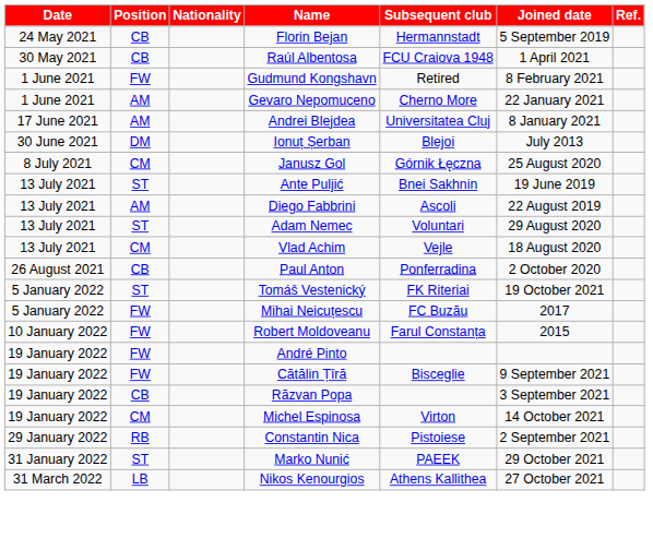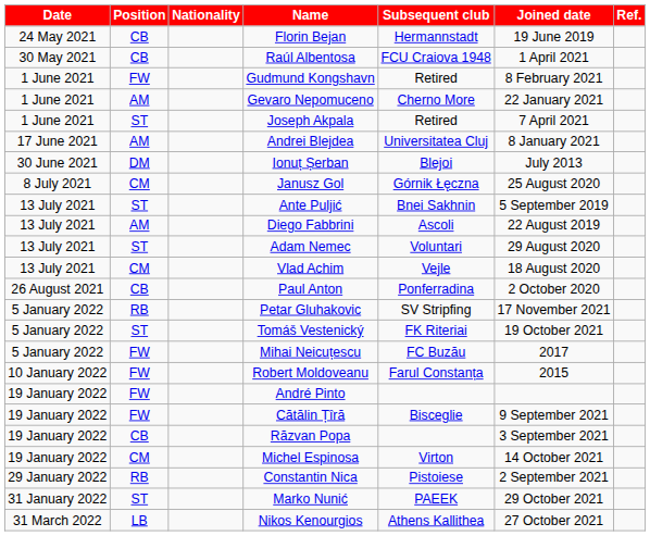 <table class="wikitable"  style="text-align:center; font-size:90%; ">
 <tr>
 <th style="background:red;color:white;">Date</th>
 <th style="background:red;color:white;">Position</th>
 <th style="background:red;color:white;">Nationality</th>
 <th style="background:red;color:white;">Name</th>
 <th style="background:red;color:white;">Subsequent club</th>
 <th style="background:red;color:white;">Joined date</th>
 <th style="background:red;color:white;">Ref.</th>
 </tr>
 <tr>
 <td>24 May 2021</td>
 <td><a href='#'>CB</a></td>
 <td></td>
 <td><a href='#'>Florin Bejan</a></td>
 <td><a href='#'>Hermannstadt</a></td>
-<td>5 September 2019</td>
+<td>19 June 2019</td>
 <td></td>
 </tr>
 <tr>
 <td>30 May 2021</td>
 <td><a href='#'>CB</a></td>
 <td></td>
 <td><a href='#'>Raúl Albentosa</a></td>
 <td><a href='#'>FCU Craiova 1948</a></td>
 <td>1 April 2021</td>
 <td></td>
 </tr>
 <tr>
 <td>1 June 2021</td>
 <td><a href='#'>FW</a></td>
 <td></td>
 <td><a href='#'>Gudmund Kongshavn</a></td>
 <td>Retired</td>
 <td>8 February 2021</td>
 <td></td>
 </tr>
 <tr>
 <td>1 June 2021</td>
 <td><a href='#'>AM</a></td>
 <td></td>
 <td><a href='#'>Gevaro Nepomuceno</a></td>
 <td> <a href='#'>Cherno More</a></td>
 <td>22 January 2021</td>
+<td></td>
+</tr>
+<tr>
+<td>1 June 2021</td>
+<td><a href='#'>ST</a></td>
+<td></td>
+<td><a href='#'>Joseph Akpala</a></td>
+<td>Retired</td>
+<td>7 April 2021</td>
 <td></td>
 </tr>
 <tr>
 <td>17 June 2021</td>
 <td><a href='#'>AM</a></td>
 <td></td>
 <td><a href='#'>Andrei Blejdea</a></td>
 <td><a href='#'>Universitatea Cluj</a></td>
 <td>8 January 2021</td>
 <td></td>
 </tr>
 <tr>
 <td>30 June 2021</td>
 <td><a href='#'>DM</a></td>
 <td></td>
 <td><a href='#'>Ionuț Șerban</a></td>
 <td><a href='#'>Blejoi</a></td>
 <td>July 2013</td>
 <td></td>
 </tr>
 <tr>
 <td>8 July 2021</td>
 <td><a href='#'>CM</a></td>
 <td></td>
 <td><a href='#'>Janusz Gol</a></td>
 <td> <a href='#'>Górnik Łęczna</a></td>
 <td>25 August 2020</td>
 <td></td>
 </tr>
 <tr>
 <td>13 July 2021</td>
 <td><a href='#'>ST</a></td>
 <td></td>
 <td><a href='#'>Ante Puljić</a></td>
 <td> <a href='#'>Bnei Sakhnin</a></td>
-<td>19 June 2019</td>
+<td>5 September 2019</td>
 <td></td>
 </tr>
 <tr>
 <td>13 July 2021</td>
 <td><a href='#'>AM</a></td>
 <td></td>
 <td><a href='#'>Diego Fabbrini</a></td>
 <td> <a href='#'>Ascoli</a></td>
 <td>22 August 2019</td>
 <td></td>
 </tr>
 <tr>
 <td>13 July 2021</td>
 <td><a href='#'>ST</a></td>
 <td></td>
 <td><a href='#'>Adam Nemec</a></td>
 <td><a href='#'>Voluntari</a></td>
 <td>29 August 2020</td>
 <td></td>
 </tr>
 <tr>
 <td>13 July 2021</td>
 <td><a href='#'>CM</a></td>
 <td></td>
 <td><a href='#'>Vlad Achim</a></td>
 <td> <a href='#'>Vejle</a></td>
 <td>18 August 2020</td>
 <td></td>
 </tr>
 <tr>
 <td>26 August 2021</td>
 <td><a href='#'>CB</a></td>
 <td></td>
 <td><a href='#'>Paul Anton</a></td>
 <td> <a href='#'>Ponferradina</a></td>
 <td>2 October 2020</td>
+<td></td>
+</tr>
+<tr>
+<td>5 January 2022</td>
+<td><a href='#'>RB</a></td>
+<td></td>
+<td><a href='#'>Petar Gluhakovic</a></td>
+<td> SV Stripfing</td>
+<td>17 November 2021</td>
 <td></td>
 </tr>
 <tr>
 <td>5 January 2022</td>
 <td><a href='#'>ST</a></td>
 <td></td>
 <td><a href='#'>Tomáš Vestenický</a></td>
 <td> <a href='#'>FK Riteriai</a></td>
 <td>19 October 2021</td>
 <td></td>
 </tr>
 <tr>
 <td>5 January 2022</td>
 <td><a href='#'>FW</a></td>
 <td></td>
 <td><a href='#'>Mihai Neicuțescu</a></td>
 <td><a href='#'>FC Buzău</a></td>
 <td>2017</td>
 <td></td>
 </tr>
 <tr>
 <td>10 January 2022</td>
 <td><a href='#'>FW</a></td>
 <td></td>
 <td><a href='#'>Robert Moldoveanu</a></td>
 <td><a href='#'>Farul Constanța</a></td>
 <td>2015</td>
 <td></td>
 </tr>
 <tr>
 <td>19 January 2022</td>
 <td><a href='#'>FW</a></td>
 <td></td>
 <td><a href='#'>André Pinto</a></td>
 <td></td>
 <td></td>
 <td></td>
 </tr>
 <tr>
 <td>19 January 2022</td>
 <td><a href='#'>FW</a></td>
 <td></td>
 <td><a href='#'>Cătălin Țîră</a></td>
 <td> <a href='#'>Bisceglie</a></td>
 <td>9 September 2021</td>
 <td></td>
 </tr>
 <tr>
 <td>19 January 2022</td>
 <td><a href='#'>CB</a></td>
 <td></td>
 <td><a href='#'>Răzvan Popa</a></td>
 <td></td>
 <td>3 September 2021</td>
 <td></td>
 </tr>
 <tr>
 <td>19 January 2022</td>
 <td><a href='#'>CM</a></td>
 <td></td>
 <td><a href='#'>Michel Espinosa</a></td>
 <td> <a href='#'>Virton</a></td>
 <td>14 October 2021</td>
 <td></td>
 </tr>
 <tr>
 <td>29 January 2022</td>
 <td><a href='#'>RB</a></td>
 <td></td>
 <td><a href='#'>Constantin Nica</a></td>
 <td> <a href='#'>Pistoiese</a></td>
 <td>2 September 2021</td>
 <td></td>
 </tr>
 <tr>
 <td>31 January 2022</td>
 <td><a href='#'>ST</a></td>
 <td></td>
 <td><a href='#'>Marko Nunić</a></td>
 <td> <a href='#'>PAEEK</a></td>
 <td>29 October 2021</td>
 <td></td>
 </tr>
 <tr>
 <td>31 March 2022</td>
 <td><a href='#'>LB</a></td>
 <td></td>
 <td><a href='#'>Nikos Kenourgios</a></td>
 <td> <a href='#'>Athens Kallithea</a></td>
 <td>27 October 2021</td>
 <td></td>
 </tr>
 </table>
